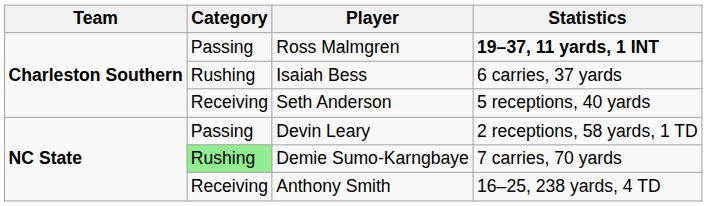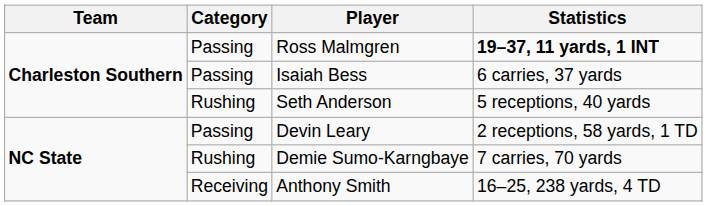 <table class="wikitable" style="float: left;">
 <tr>
 <th>Team</th>
 <th>Category</th>
 <th>Player</th>
 <th>Statistics</th>
 </tr>
 <tr>
 <td rowspan=3><strong>Charleston Southern</strong></td>
 <td>Passing</td>
 <td>Ross Malmgren</td>
 <td><strong>19–37, 11 yards, 1 INT</strong></td>
 </tr>
 <tr>
-<td>Rushing</td>
+<td>Passing</td>
 <td>Isaiah Bess</td>
 <td>6 carries, 37 yards</td>
 </tr>
 <tr>
-<td>Receiving</td>
+<td>Rushing</td>
 <td>Seth Anderson</td>
 <td>5 receptions, 40 yards</td>
 </tr>
 <tr>
 <td rowspan=3><strong>NC State</strong></td>
 <td>Passing</td>
 <td>Devin Leary</td>
 <td>2 receptions, 58 yards, 1 TD</td>
 </tr>
 <tr>
-<td style="background: lightgreen;">Rushing</td>
+<td>Rushing</td>
 <td>Demie Sumo-Karngbaye</td>
 <td>7 carries, 70 yards</td>
 </tr>
 <tr>
 <td>Receiving</td>
 <td>Anthony Smith</td>
 <td>16–25, 238 yards, 4 TD</td>
 </tr>
 </table>
